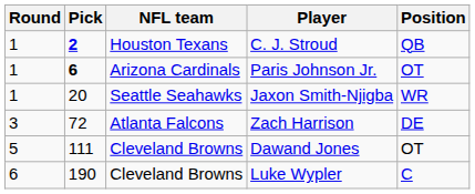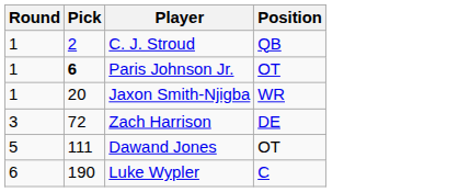 <table class="wikitable">
 <tr>
 <th style="text-align:center; ">Round</th>
 <th style="text-align:center; ">Pick</th>
-<th style="text-align:center; ">NFL team</th>
 <th style="text-align:center; ">Player</th>
 <th style="text-align:center; ">Position</th>
 </tr>
 <tr>
 <td>1</td>
-<td><strong><a href='#'>2</a></strong></td>
-<td><a href='#'>Houston Texans</a></td>
+<td><a href='#'>2</a></td>
 <td><a href='#'>C. J. Stroud</a></td>
 <td><a href='#'>QB</a></td>
 </tr>
 <tr>
 <td>1</td>
 <td><strong>6</strong></td>
-<td><a href='#'>Arizona Cardinals</a></td>
 <td><a href='#'>Paris Johnson Jr.</a></td>
 <td><a href='#'>OT</a></td>
 </tr>
 <tr>
 <td>1</td>
 <td>20</td>
-<td><a href='#'>Seattle Seahawks</a></td>
 <td><a href='#'>Jaxon Smith-Njigba</a></td>
 <td><a href='#'>WR</a></td>
 </tr>
 <tr>
 <td>3</td>
 <td>72</td>
-<td><a href='#'>Atlanta Falcons</a></td>
 <td><a href='#'>Zach Harrison</a></td>
 <td><a href='#'>DE</a></td>
 </tr>
 <tr>
 <td>5</td>
 <td>111</td>
-<td><a href='#'>Cleveland Browns</a></td>
 <td><a href='#'>Dawand Jones</a></td>
 <td>OT</td>
 </tr>
 <tr>
 <td>6</td>
 <td>190</td>
-<td>Cleveland Browns</td>
 <td><a href='#'>Luke Wypler</a></td>
 <td><a href='#'>C</a></td>
 </tr>
 </table>
